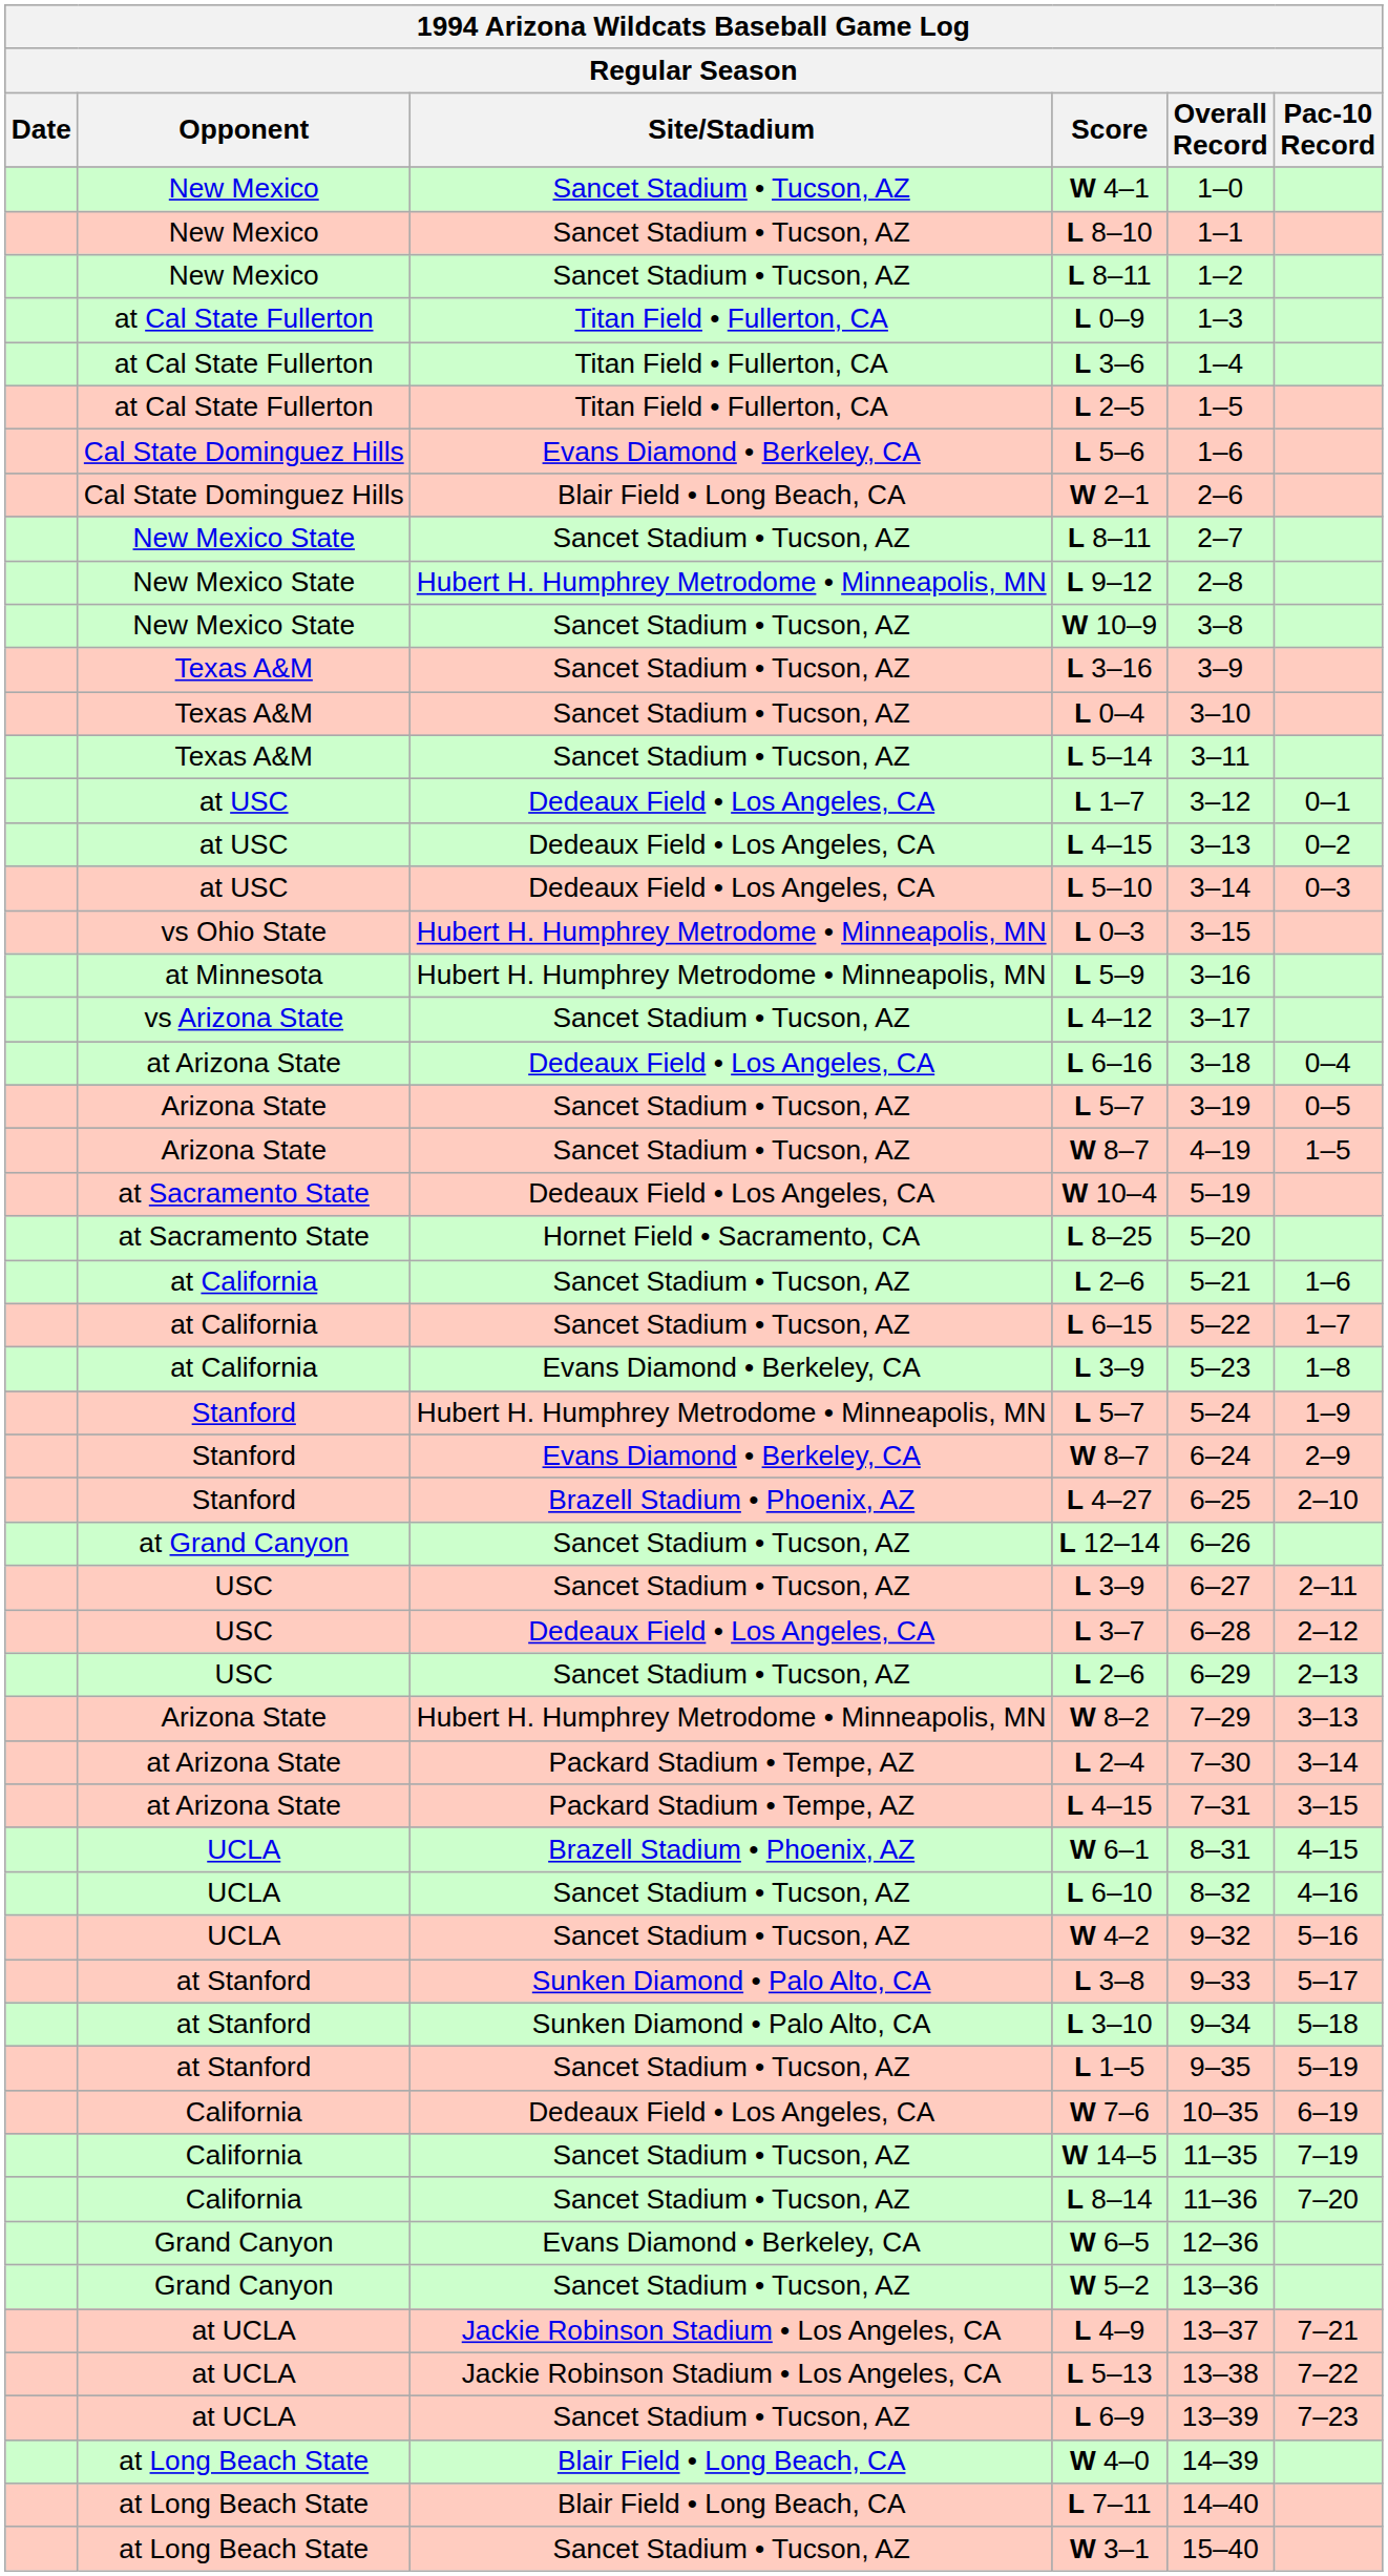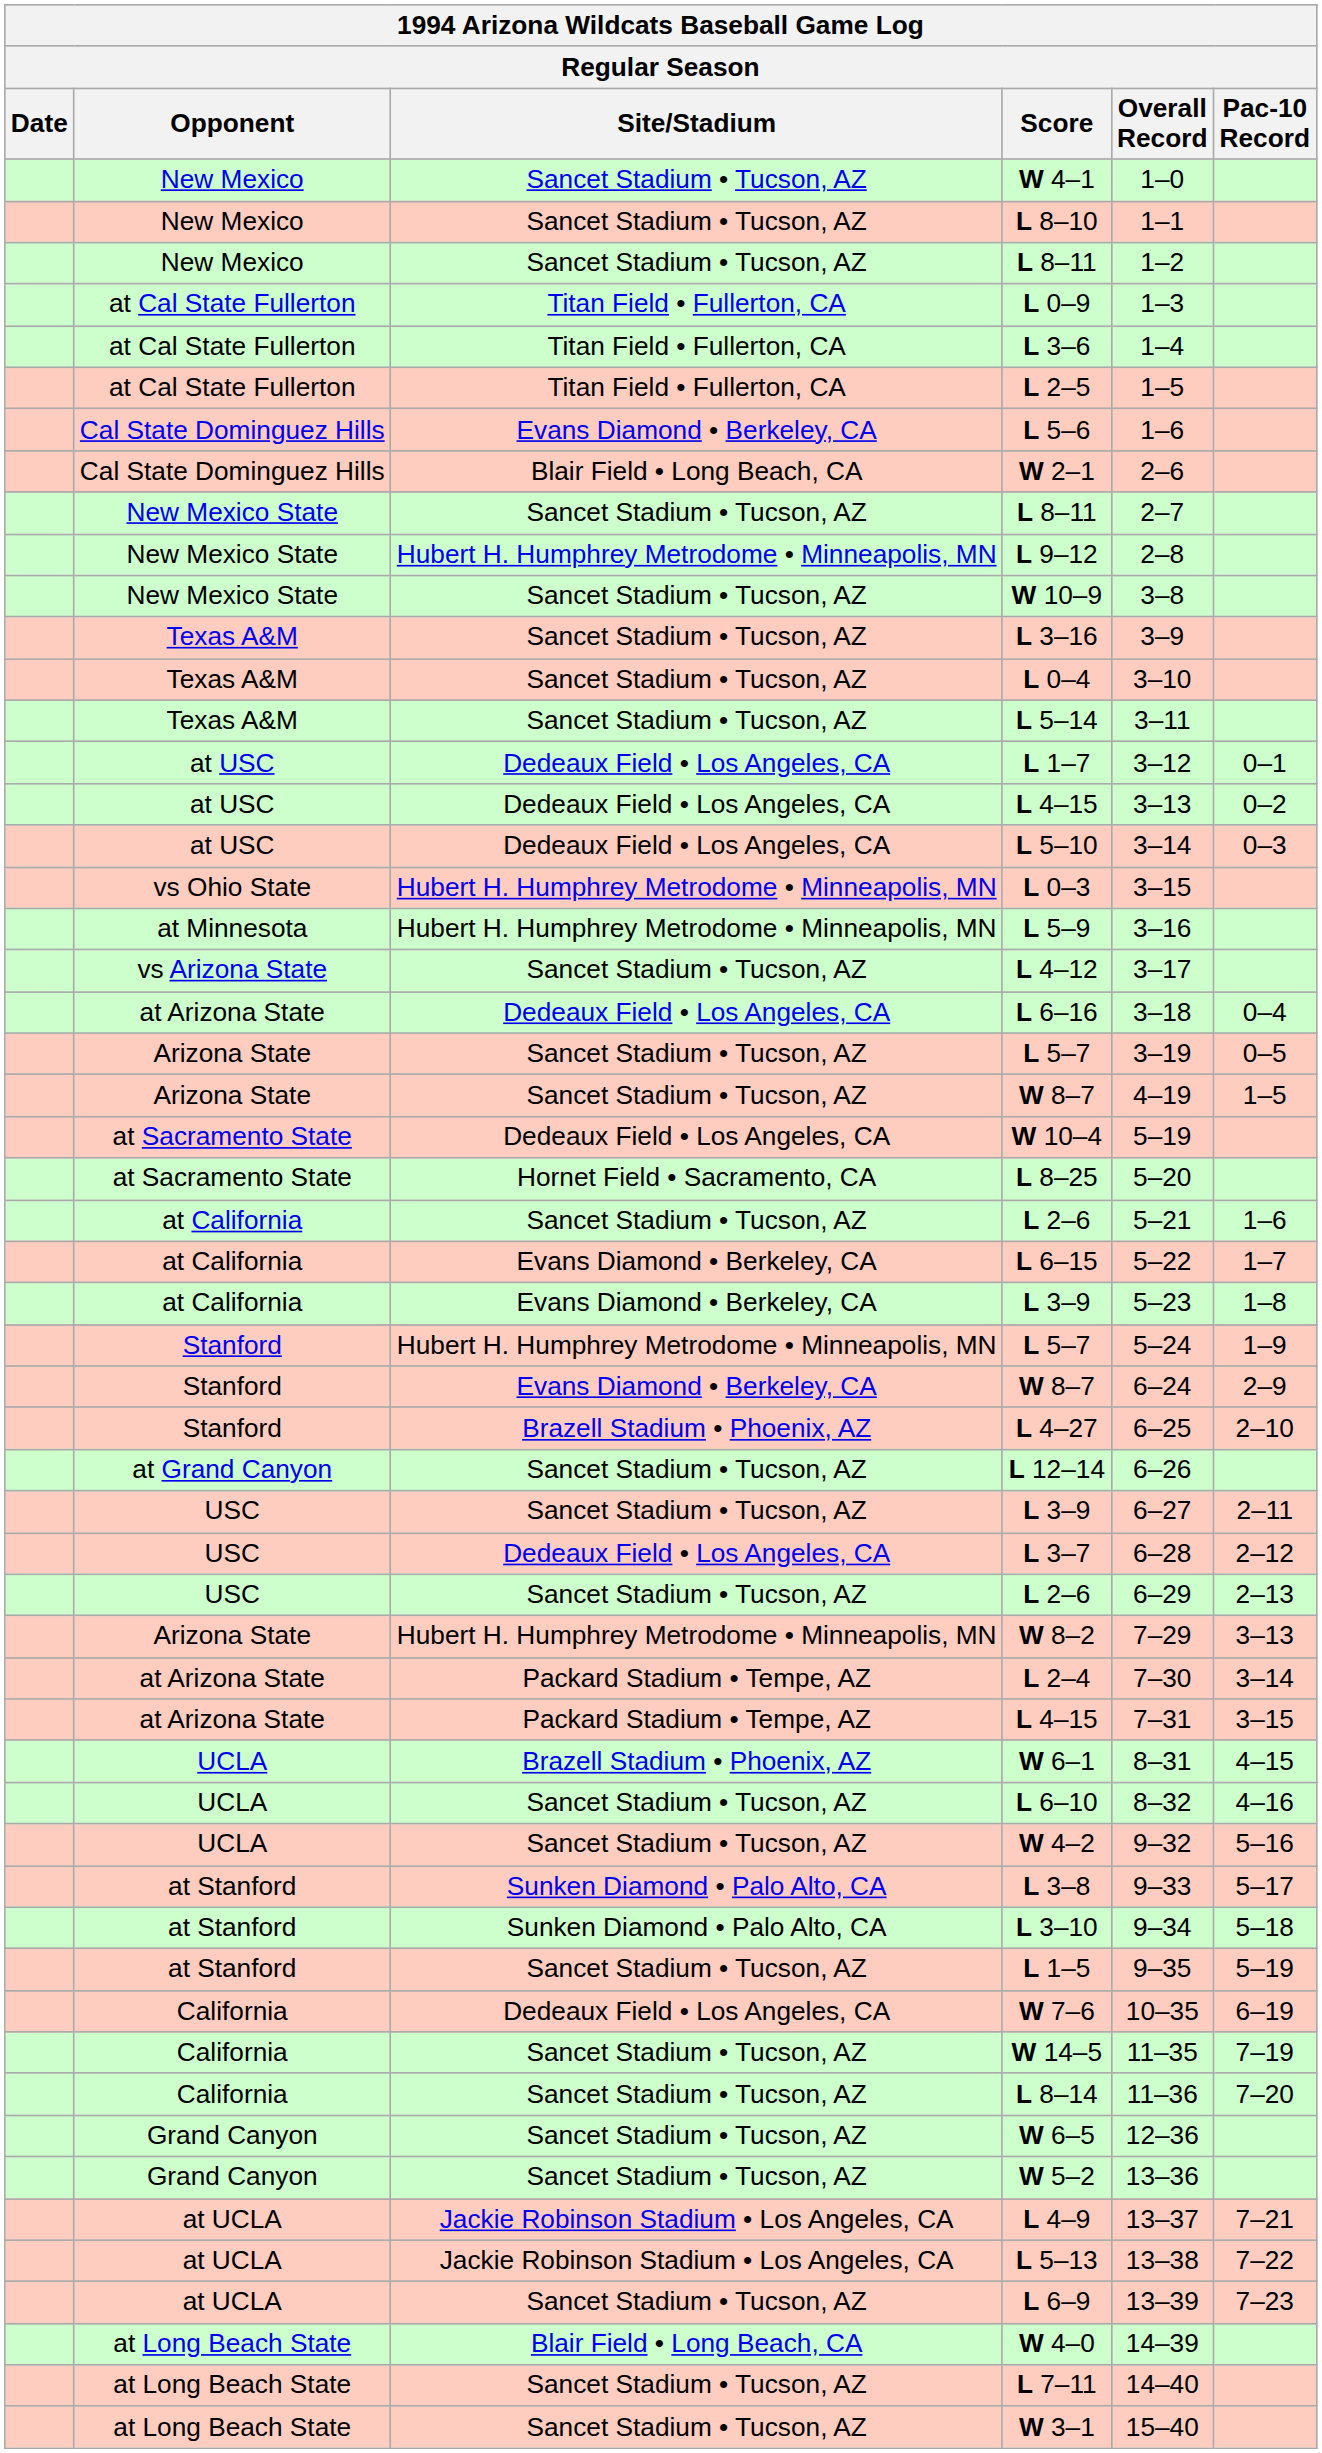 <table class="wikitable">
 <tr>
 <th colspan="6">1994 Arizona Wildcats Baseball Game Log</th>
 </tr>
 <tr>
 <th colspan="6">Regular Season</th>
 </tr>
 <tr>
 <th>Date</th>
 <th>Opponent</th>
 <th>Site/Stadium</th>
 <th>Score</th>
 <th>Overall<br>Record</th>
 <th>Pac-10<br>Record</th>
 </tr>
 <tr bgcolor="ccffcc" align="center">
 <td></td>
 <td><a href='#'>New Mexico</a></td>
 <td><a href='#'>Sancet Stadium</a> • <a href='#'>Tucson, AZ</a></td>
 <td><strong>W</strong> 4–1</td>
 <td>1–0</td>
 <td></td>
 </tr>
 <tr bgcolor="ffccc" align="center">
 <td></td>
 <td>New Mexico</td>
 <td>Sancet Stadium • Tucson, AZ</td>
 <td><strong>L</strong> 8–10</td>
 <td>1–1</td>
 <td></td>
 </tr>
 <tr bgcolor="ccffcc" align="center">
 <td></td>
 <td>New Mexico</td>
 <td>Sancet Stadium • Tucson, AZ</td>
 <td><strong>L</strong> 8–11</td>
 <td>1–2</td>
 <td></td>
 </tr>
 <tr bgcolor="ccffcc" align="center">
 <td></td>
 <td>at <a href='#'>Cal State Fullerton</a></td>
 <td><a href='#'>Titan Field</a> • <a href='#'>Fullerton, CA</a></td>
 <td><strong>L</strong> 0–9</td>
 <td>1–3</td>
 <td></td>
 </tr>
 <tr bgcolor="ccffcc" align="center">
 <td></td>
 <td>at Cal State Fullerton</td>
 <td>Titan Field • Fullerton, CA</td>
 <td><strong>L</strong> 3–6</td>
 <td>1–4</td>
 <td></td>
 </tr>
 <tr bgcolor="ffccc" align="center">
 <td></td>
 <td>at Cal State Fullerton</td>
 <td>Titan Field • Fullerton, CA</td>
 <td><strong>L</strong> 2–5</td>
 <td>1–5</td>
 <td></td>
 </tr>
 <tr bgcolor="ffccc" align="center">
 <td></td>
 <td><a href='#'>Cal State Dominguez Hills</a></td>
 <td><a href='#'>Evans Diamond</a> • <a href='#'>Berkeley, CA</a></td>
 <td><strong>L</strong> 5–6</td>
 <td>1–6</td>
 <td></td>
 </tr>
 <tr bgcolor="ffccc" align="center">
 <td></td>
 <td>Cal State Dominguez Hills</td>
 <td>Blair Field • Long Beach, CA</td>
 <td><strong>W</strong> 2–1</td>
 <td>2–6</td>
 <td></td>
 </tr>
 <tr bgcolor="ccffcc" align="center">
 <td></td>
 <td><a href='#'>New Mexico State</a></td>
 <td>Sancet Stadium • Tucson, AZ</td>
 <td><strong>L</strong> 8–11</td>
 <td>2–7</td>
 <td></td>
 </tr>
 <tr bgcolor="ccffcc" align="center">
 <td></td>
 <td>New Mexico State</td>
 <td><a href='#'>Hubert H. Humphrey Metrodome</a> • <a href='#'>Minneapolis, MN</a></td>
 <td><strong>L</strong> 9–12</td>
 <td>2–8</td>
 <td></td>
 </tr>
 <tr bgcolor="ccffcc" align="center">
 <td></td>
 <td>New Mexico State</td>
 <td>Sancet Stadium • Tucson, AZ</td>
 <td><strong>W</strong> 10–9</td>
 <td>3–8</td>
 <td></td>
 </tr>
 <tr bgcolor="ffccc" align="center">
 <td></td>
 <td><a href='#'>Texas A&M</a></td>
 <td>Sancet Stadium • Tucson, AZ</td>
 <td><strong>L</strong> 3–16</td>
 <td>3–9</td>
 <td></td>
 </tr>
 <tr bgcolor="ffccc" align="center">
 <td></td>
 <td>Texas A&M</td>
 <td>Sancet Stadium • Tucson, AZ</td>
 <td><strong>L</strong> 0–4</td>
 <td>3–10</td>
 <td></td>
 </tr>
 <tr bgcolor="ccffcc" align="center">
 <td></td>
 <td>Texas A&M</td>
 <td>Sancet Stadium • Tucson, AZ</td>
 <td><strong>L</strong> 5–14</td>
 <td>3–11</td>
 <td></td>
 </tr>
 <tr bgcolor="ccffcc" align="center">
 <td></td>
 <td>at <a href='#'>USC</a></td>
 <td><a href='#'>Dedeaux Field</a> • <a href='#'>Los Angeles, CA</a></td>
 <td><strong>L</strong> 1–7</td>
 <td>3–12</td>
 <td>0–1</td>
 </tr>
 <tr bgcolor="ccffcc" align="center">
 <td></td>
 <td>at USC</td>
 <td>Dedeaux Field • Los Angeles, CA</td>
 <td><strong>L</strong> 4–15</td>
 <td>3–13</td>
 <td>0–2</td>
 </tr>
 <tr bgcolor="ffccc" align="center">
 <td></td>
 <td>at USC</td>
 <td>Dedeaux Field • Los Angeles, CA</td>
 <td><strong>L</strong> 5–10</td>
 <td>3–14</td>
 <td>0–3</td>
 </tr>
 <tr bgcolor="ffccc" align="center">
 <td></td>
 <td>vs Ohio State</td>
 <td><a href='#'>Hubert H. Humphrey Metrodome</a> • <a href='#'>Minneapolis, MN</a></td>
 <td><strong>L</strong> 0–3</td>
 <td>3–15</td>
 <td></td>
 </tr>
 <tr bgcolor="ccffcc" align="center">
 <td></td>
 <td>at Minnesota</td>
 <td>Hubert H. Humphrey Metrodome • Minneapolis, MN</td>
 <td><strong>L</strong> 5–9</td>
 <td>3–16</td>
 <td></td>
 </tr>
 <tr bgcolor="ccffcc" align="center">
 <td></td>
 <td>vs <a href='#'>Arizona State</a></td>
 <td>Sancet Stadium • Tucson, AZ</td>
 <td><strong>L</strong> 4–12</td>
 <td>3–17</td>
 <td></td>
 </tr>
 <tr bgcolor="ccffcc" align="center">
 <td></td>
 <td>at Arizona State</td>
 <td><a href='#'>Dedeaux Field</a> • <a href='#'>Los Angeles, CA</a></td>
 <td><strong>L</strong> 6–16</td>
 <td>3–18</td>
 <td>0–4</td>
 </tr>
 <tr bgcolor="ffccc" align="center">
 <td></td>
 <td>Arizona State</td>
 <td>Sancet Stadium • Tucson, AZ</td>
 <td><strong>L</strong> 5–7</td>
 <td>3–19</td>
 <td>0–5</td>
 </tr>
 <tr bgcolor="ffccc" align="center">
 <td></td>
 <td>Arizona State</td>
 <td>Sancet Stadium • Tucson, AZ</td>
 <td><strong>W</strong> 8–7</td>
 <td>4–19</td>
 <td>1–5</td>
 </tr>
 <tr bgcolor="ffccc" align="center">
 <td></td>
 <td>at <a href='#'>Sacramento State</a></td>
 <td>Dedeaux Field • Los Angeles, CA</td>
 <td><strong>W</strong> 10–4</td>
 <td>5–19</td>
 <td></td>
 </tr>
 <tr bgcolor="ccffcc" align="center">
 <td></td>
 <td>at Sacramento State</td>
 <td>Hornet Field • Sacramento, CA</td>
 <td><strong>L</strong> 8–25</td>
 <td>5–20</td>
 <td></td>
 </tr>
 <tr bgcolor="ccffcc" align="center">
 <td></td>
 <td>at <a href='#'>California</a></td>
 <td>Sancet Stadium • Tucson, AZ</td>
 <td><strong>L</strong> 2–6</td>
 <td>5–21</td>
 <td>1–6</td>
 </tr>
 <tr bgcolor="ffccc" align="center">
 <td></td>
 <td>at California</td>
-<td>Sancet Stadium • Tucson, AZ</td>
+<td>Evans Diamond • Berkeley, CA</td>
 <td><strong>L</strong> 6–15</td>
 <td>5–22</td>
 <td>1–7</td>
 </tr>
 <tr bgcolor="ccffcc" align="center">
 <td></td>
 <td>at California</td>
 <td>Evans Diamond • Berkeley, CA</td>
 <td><strong>L</strong> 3–9</td>
 <td>5–23</td>
 <td>1–8</td>
 </tr>
 <tr bgcolor="ffccc" align="center">
 <td></td>
 <td><a href='#'>Stanford</a></td>
 <td>Hubert H. Humphrey Metrodome • Minneapolis, MN</td>
 <td><strong>L</strong> 5–7</td>
 <td>5–24</td>
 <td>1–9</td>
 </tr>
 <tr bgcolor="ffccc" align="center">
 <td></td>
 <td>Stanford</td>
 <td><a href='#'>Evans Diamond</a> • <a href='#'>Berkeley, CA</a></td>
 <td><strong>W</strong> 8–7</td>
 <td>6–24</td>
 <td>2–9</td>
 </tr>
 <tr bgcolor="ffccc" align="center">
 <td></td>
 <td>Stanford</td>
 <td><a href='#'>Brazell Stadium</a> • <a href='#'>Phoenix, AZ</a></td>
 <td><strong>L</strong> 4–27</td>
 <td>6–25</td>
 <td>2–10</td>
 </tr>
 <tr bgcolor="ccffcc" align="center">
 <td></td>
 <td>at <a href='#'>Grand Canyon</a></td>
 <td>Sancet Stadium • Tucson, AZ</td>
 <td><strong>L</strong> 12–14</td>
 <td>6–26</td>
 <td></td>
 </tr>
 <tr bgcolor="ffccc" align="center">
 <td></td>
 <td>USC</td>
 <td>Sancet Stadium • Tucson, AZ</td>
 <td><strong>L</strong> 3–9</td>
 <td>6–27</td>
 <td>2–11</td>
 </tr>
 <tr bgcolor="ffccc" align="center">
 <td></td>
 <td>USC</td>
 <td><a href='#'>Dedeaux Field</a> • <a href='#'>Los Angeles, CA</a></td>
 <td><strong>L</strong> 3–7</td>
 <td>6–28</td>
 <td>2–12</td>
 </tr>
 <tr bgcolor="ccffcc" align="center">
 <td></td>
 <td>USC</td>
 <td>Sancet Stadium • Tucson, AZ</td>
 <td><strong>L</strong> 2–6</td>
 <td>6–29</td>
 <td>2–13</td>
 </tr>
 <tr bgcolor="ffccc" align="center">
 <td></td>
 <td>Arizona State</td>
 <td>Hubert H. Humphrey Metrodome • Minneapolis, MN</td>
 <td><strong>W</strong> 8–2</td>
 <td>7–29</td>
 <td>3–13</td>
 </tr>
 <tr bgcolor="ffccc" align="center">
 <td></td>
 <td>at Arizona State</td>
 <td>Packard Stadium • Tempe, AZ</td>
 <td><strong>L</strong> 2–4</td>
 <td>7–30</td>
 <td>3–14</td>
 </tr>
 <tr bgcolor="ffccc" align="center">
 <td></td>
 <td>at Arizona State</td>
 <td>Packard Stadium • Tempe, AZ</td>
 <td><strong>L</strong> 4–15</td>
 <td>7–31</td>
 <td>3–15</td>
 </tr>
 <tr bgcolor="ccffcc" align="center">
 <td></td>
 <td><a href='#'>UCLA</a></td>
 <td><a href='#'>Brazell Stadium</a> • <a href='#'>Phoenix, AZ</a></td>
 <td><strong>W</strong> 6–1</td>
 <td>8–31</td>
 <td>4–15</td>
 </tr>
 <tr bgcolor="ccffcc" align="center">
 <td></td>
 <td>UCLA</td>
 <td>Sancet Stadium • Tucson, AZ</td>
 <td><strong>L</strong> 6–10</td>
 <td>8–32</td>
 <td>4–16</td>
 </tr>
 <tr bgcolor="ffccc" align="center">
 <td></td>
 <td>UCLA</td>
 <td>Sancet Stadium • Tucson, AZ</td>
 <td><strong>W</strong> 4–2</td>
 <td>9–32</td>
 <td>5–16</td>
 </tr>
 <tr bgcolor="ffccc" align="center">
 <td></td>
 <td>at Stanford</td>
 <td><a href='#'>Sunken Diamond</a> • <a href='#'>Palo Alto, CA</a></td>
 <td><strong>L</strong> 3–8</td>
 <td>9–33</td>
 <td>5–17</td>
 </tr>
 <tr bgcolor="ccffcc" align="center">
 <td></td>
 <td>at Stanford</td>
 <td>Sunken Diamond • Palo Alto, CA</td>
 <td><strong>L</strong> 3–10</td>
 <td>9–34</td>
 <td>5–18</td>
 </tr>
 <tr bgcolor="ffccc" align="center">
 <td></td>
 <td>at Stanford</td>
 <td>Sancet Stadium • Tucson, AZ</td>
 <td><strong>L</strong> 1–5</td>
 <td>9–35</td>
 <td>5–19</td>
 </tr>
 <tr bgcolor="ffccc" align="center">
 <td></td>
 <td>California</td>
 <td>Dedeaux Field • Los Angeles, CA</td>
 <td><strong>W</strong> 7–6</td>
 <td>10–35</td>
 <td>6–19</td>
 </tr>
 <tr bgcolor="ccffcc" align="center">
 <td></td>
 <td>California</td>
 <td>Sancet Stadium • Tucson, AZ</td>
 <td><strong>W</strong> 14–5</td>
 <td>11–35</td>
 <td>7–19</td>
 </tr>
 <tr bgcolor="ccffcc" align="center">
 <td></td>
 <td>California</td>
 <td>Sancet Stadium • Tucson, AZ</td>
 <td><strong>L</strong> 8–14</td>
 <td>11–36</td>
 <td>7–20</td>
 </tr>
 <tr bgcolor="ccffcc" align="center">
 <td></td>
 <td>Grand Canyon</td>
-<td>Evans Diamond • Berkeley, CA</td>
+<td>Sancet Stadium • Tucson, AZ</td>
 <td><strong>W</strong> 6–5</td>
 <td>12–36</td>
 <td></td>
 </tr>
 <tr bgcolor="ccffcc" align="center">
 <td></td>
 <td>Grand Canyon</td>
 <td>Sancet Stadium • Tucson, AZ</td>
 <td><strong>W</strong> 5–2</td>
 <td>13–36</td>
 <td></td>
 </tr>
 <tr bgcolor="ffccc" align="center">
 <td></td>
 <td>at UCLA</td>
 <td><a href='#'>Jackie Robinson Stadium</a> • Los Angeles, CA</td>
 <td><strong>L</strong> 4–9</td>
 <td>13–37</td>
 <td>7–21</td>
 </tr>
 <tr bgcolor="ffccc" align="center">
 <td></td>
 <td>at UCLA</td>
 <td>Jackie Robinson Stadium • Los Angeles, CA</td>
 <td><strong>L</strong> 5–13</td>
 <td>13–38</td>
 <td>7–22</td>
 </tr>
 <tr bgcolor="ffccc" align="center">
 <td></td>
 <td>at UCLA</td>
 <td>Sancet Stadium • Tucson, AZ</td>
 <td><strong>L</strong> 6–9</td>
 <td>13–39</td>
 <td>7–23</td>
 </tr>
 <tr bgcolor="ccffcc" align="center">
 <td></td>
 <td>at <a href='#'>Long Beach State</a></td>
 <td><a href='#'>Blair Field</a> • <a href='#'>Long Beach, CA</a></td>
 <td><strong>W</strong> 4–0</td>
 <td>14–39</td>
 <td></td>
 </tr>
 <tr bgcolor="ffccc" align="center">
 <td></td>
 <td>at Long Beach State</td>
-<td>Blair Field • Long Beach, CA</td>
+<td>Sancet Stadium • Tucson, AZ</td>
 <td><strong>L</strong> 7–11</td>
 <td>14–40</td>
 <td></td>
 </tr>
 <tr bgcolor="ffccc" align="center">
 <td></td>
 <td>at Long Beach State</td>
 <td>Sancet Stadium • Tucson, AZ</td>
 <td><strong>W</strong> 3–1</td>
 <td>15–40</td>
 <td></td>
 </tr>
 </table>
